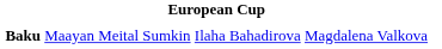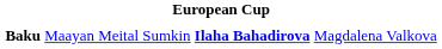 <table>
 <tr>
 <td colspan="4" style="text-align:center;"><strong>European Cup</strong></td>
 </tr>
 <tr>
 <th scope=row style="text-align:left">Baku</th>
 <td style="height:30px;"> <a href='#'>Maayan Meital Sumkin</a></td>
-<td style="height:30px;"> <a href='#'>Ilaha Bahadirova</a></td>
+<td style="height:30px;"><strong> <a href='#'>Ilaha Bahadirova</a></strong></td>
 <td style="height:30px;"> <a href='#'>Magdalena Valkova</a></td>
 </tr>
 <tr>
 </tr>
 </table>
